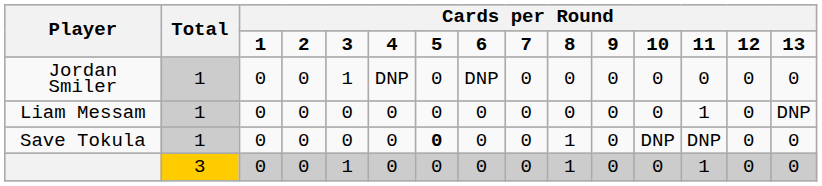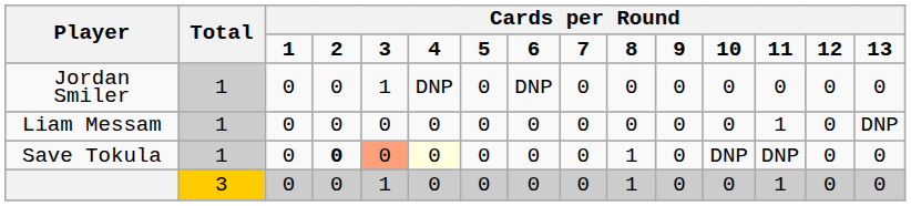 <table class="wikitable" style="text-align:center; line-height: 90%; font-size:90%;" width=80%>
 <tr>
 <th rowspan=2 width=18%>Player</th>
 <th rowspan=2 width=9%>Total</th>
 <th colspan=13>Cards per Round</th>
 </tr>
 <tr>
 <td width=5%><strong>1</strong></td>
 <td width=5%><strong>2</strong></td>
 <td width=5%><strong>3</strong></td>
 <td width=5%><strong>4</strong></td>
 <td width=5%><strong>5</strong></td>
 <td width=5%><strong>6</strong></td>
 <td width=5%><strong>7</strong></td>
 <td width=5%><strong>8</strong></td>
 <td width=5%><strong>9</strong></td>
 <td width=5%><strong>10</strong></td>
 <td width=5%><strong>11</strong></td>
 <td width=5%><strong>12</strong></td>
 <td width=5%><strong>13</strong></td>
 </tr>
 <tr>
 <td>Jordan Smiler</td>
 <td bgcolor=#cccccc>1</td>
 <td>0</td>
 <td>0</td>
 <td>1</td>
 <td>DNP</td>
 <td>0</td>
 <td>DNP</td>
 <td>0</td>
 <td>0</td>
 <td>0</td>
 <td>0</td>
 <td>0</td>
 <td>0</td>
 <td>0</td>
 </tr>
 <tr>
 <td>Liam Messam</td>
 <td bgcolor=#cccccc>1</td>
 <td>0</td>
 <td>0</td>
 <td>0</td>
 <td>0</td>
 <td>0</td>
 <td>0</td>
 <td>0</td>
 <td>0</td>
 <td>0</td>
 <td>0</td>
 <td>1</td>
 <td>0</td>
 <td>DNP</td>
 </tr>
 <tr>
 <td>Save Tokula</td>
 <td bgcolor=#cccccc>1</td>
 <td>0</td>
+<td><strong>0</strong></td>
+<td style="background: lightsalmon;">0</td>
+<td style="background: lightyellow;">0</td>
 <td>0</td>
-<td>0</td>
-<td>0</td>
-<td><strong>0</strong></td>
 <td>0</td>
 <td>0</td>
 <td>1</td>
 <td>0</td>
 <td>DNP</td>
 <td>DNP</td>
 <td>0</td>
 <td>0</td>
 </tr>
 <tr>
 <th></th>
 <td bgcolor=#ffcc00>3</td>
 <td bgcolor=#cccccc>0</td>
 <td bgcolor=#cccccc>0</td>
 <td bgcolor=#cccccc>1</td>
 <td bgcolor=#cccccc>0</td>
 <td bgcolor=#cccccc>0</td>
 <td bgcolor=#cccccc>0</td>
 <td bgcolor=#cccccc>0</td>
 <td bgcolor=#cccccc>1</td>
 <td bgcolor=#cccccc>0</td>
 <td bgcolor=#cccccc>0</td>
 <td bgcolor=#cccccc>1</td>
 <td bgcolor=#cccccc>0</td>
 <td bgcolor=#cccccc>0</td>
 </tr>
 </table>
